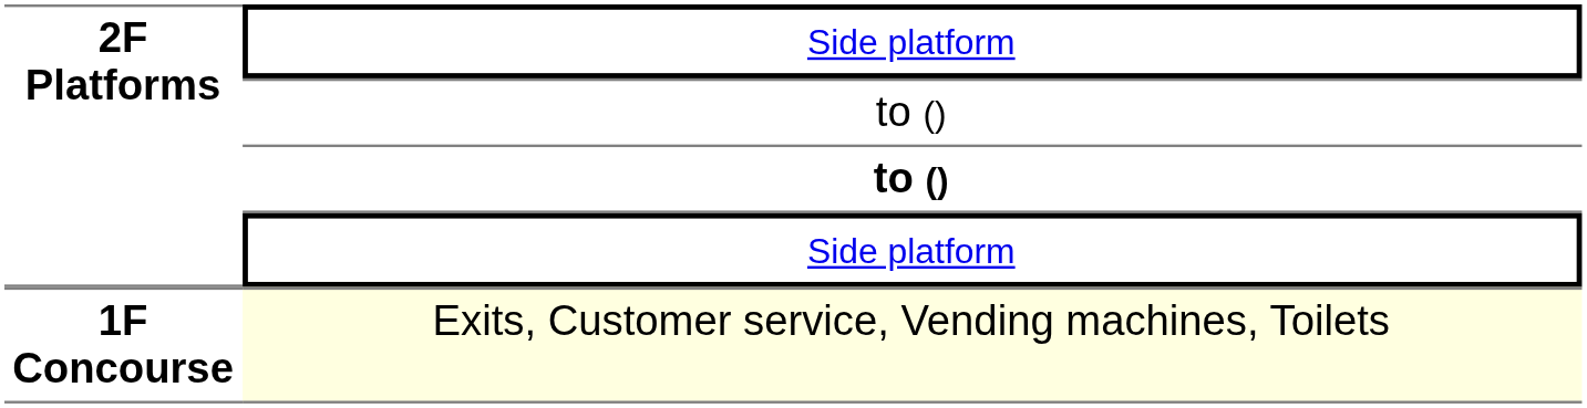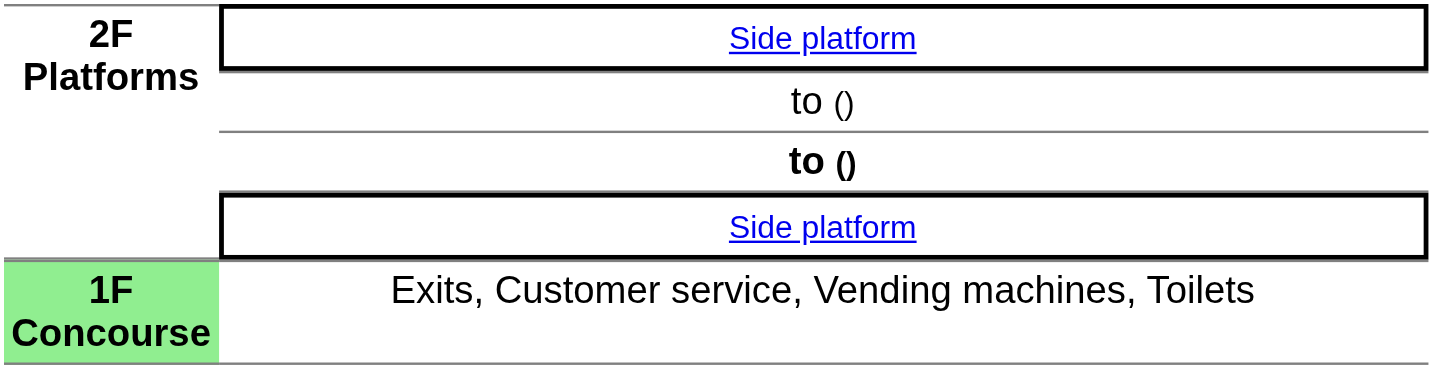 <table table border=0 cellspacing=0 cellpadding=3>
 <tr>
 <td style="border-bottom:solid 1px gray;border-top:solid 1px gray;text-align:center" rowspan="4" valign=top width=50><strong>2F<br>Platforms</strong></td>
 <td style="border-right:solid 2px black;border-left:solid 2px black;border-top:solid 2px black;border-bottom:solid 2px black;text-align:center;"><small><a href='#'>Side platform</a></small></td>
 </tr>
 <tr>
 <td style="border-bottom:solid 1px gray;border-top:solid 1px gray;text-align:center;">  to  <small>()</small></td>
 </tr>
 <tr>
 <td style="border-bottom:solid 1px gray;text-align:center;"><strong> to  <small>()</small> </strong></td>
 </tr>
 <tr>
 <td style="border-right:solid 2px black;border-left:solid 2px black;border-top:solid 2px black;border-bottom:solid 2px black;text-align:center;"><small><a href='#'>Side platform</a></small></td>
 </tr>
 <tr>
-<td style="border-bottom:solid 1px gray; border-top:solid 1px gray;text-align:center" valign=top><strong>1F<br>Concourse</strong></td>
-<td style="background: lightyellow; border-bottom:solid 1px gray; border-top:solid 1px gray;text-align:center" valign=top width=500>Exits, Customer service, Vending machines, Toilets</td>
+<td style="background: lightgreen; border-bottom:solid 1px gray; border-top:solid 1px gray;text-align:center" valign=top><strong>1F<br>Concourse</strong></td>
+<td style="border-bottom:solid 1px gray; border-top:solid 1px gray;text-align:center" valign=top width=500>Exits, Customer service, Vending machines, Toilets</td>
 </tr>
 </table>
